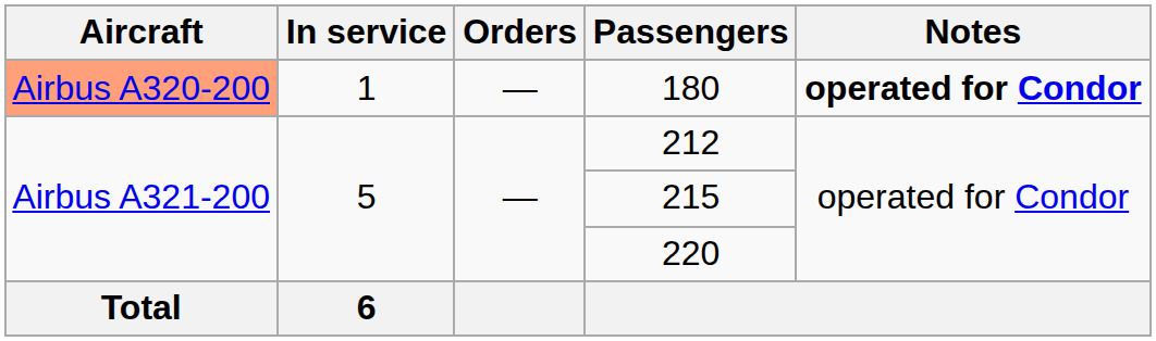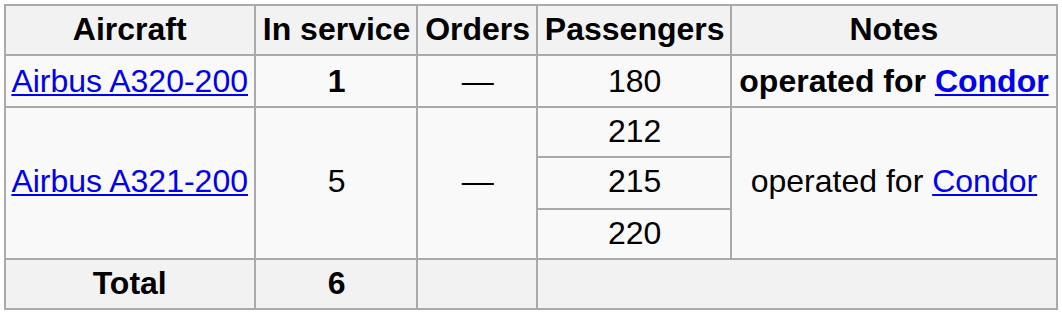 <table class="wikitable" style="text-align:center; margin-left: auto; margin-right: auto; margin: auto;">
 <tr>
 <th>Aircraft</th>
 <th>In service</th>
 <th>Orders</th>
 <th>Passengers</th>
 <th>Notes</th>
 </tr>
 <tr>
-<td style="background: lightsalmon;"><a href='#'>Airbus A320-200</a></td>
-<td>1</td>
+<td><a href='#'>Airbus A320-200</a></td>
+<td><strong>1</strong></td>
 <td>—</td>
 <td>180</td>
 <td><strong>operated for <a href='#'>Condor</a></strong></td>
 </tr>
 <tr>
 <td rowspan=3><a href='#'>Airbus A321-200</a></td>
 <td rowspan=3>5</td>
 <td rowspan=3>—</td>
 <td>212</td>
 <td rowspan=3>operated for <a href='#'>Condor</a></td>
 </tr>
 <tr>
 <td>215</td>
 </tr>
 <tr>
 <td>220</td>
 </tr>
 <tr>
 <th>Total</th>
 <th>6</th>
 <th></th>
 <th colspan="2"></th>
 </tr>
 </table>
